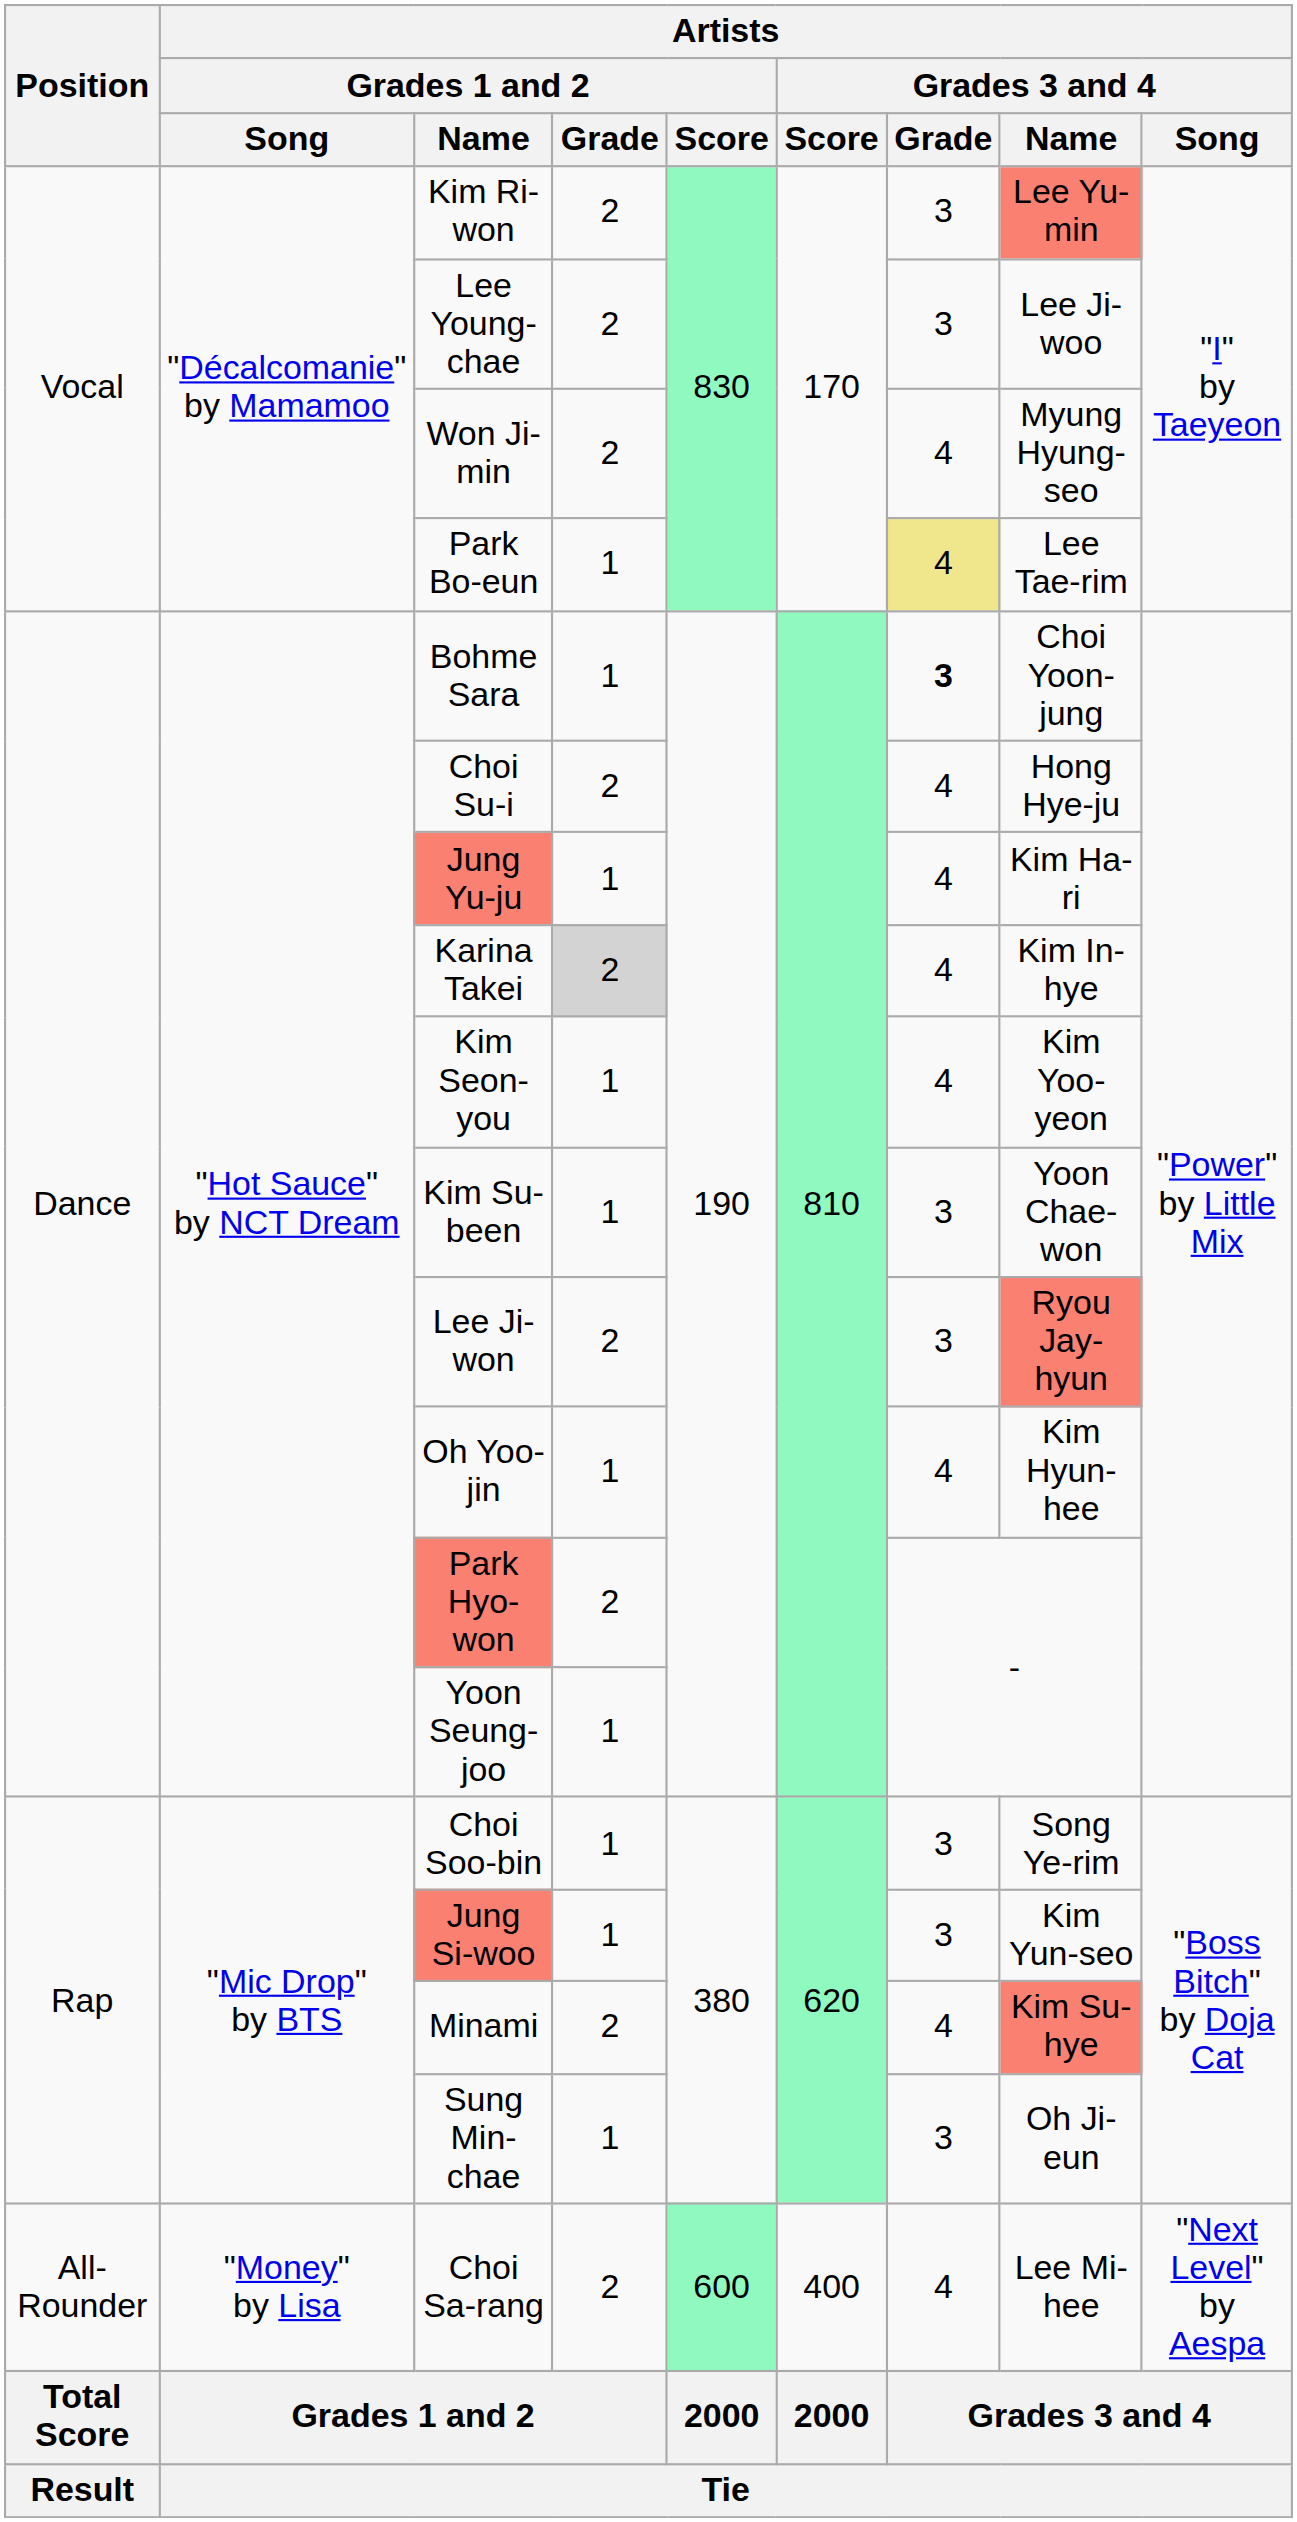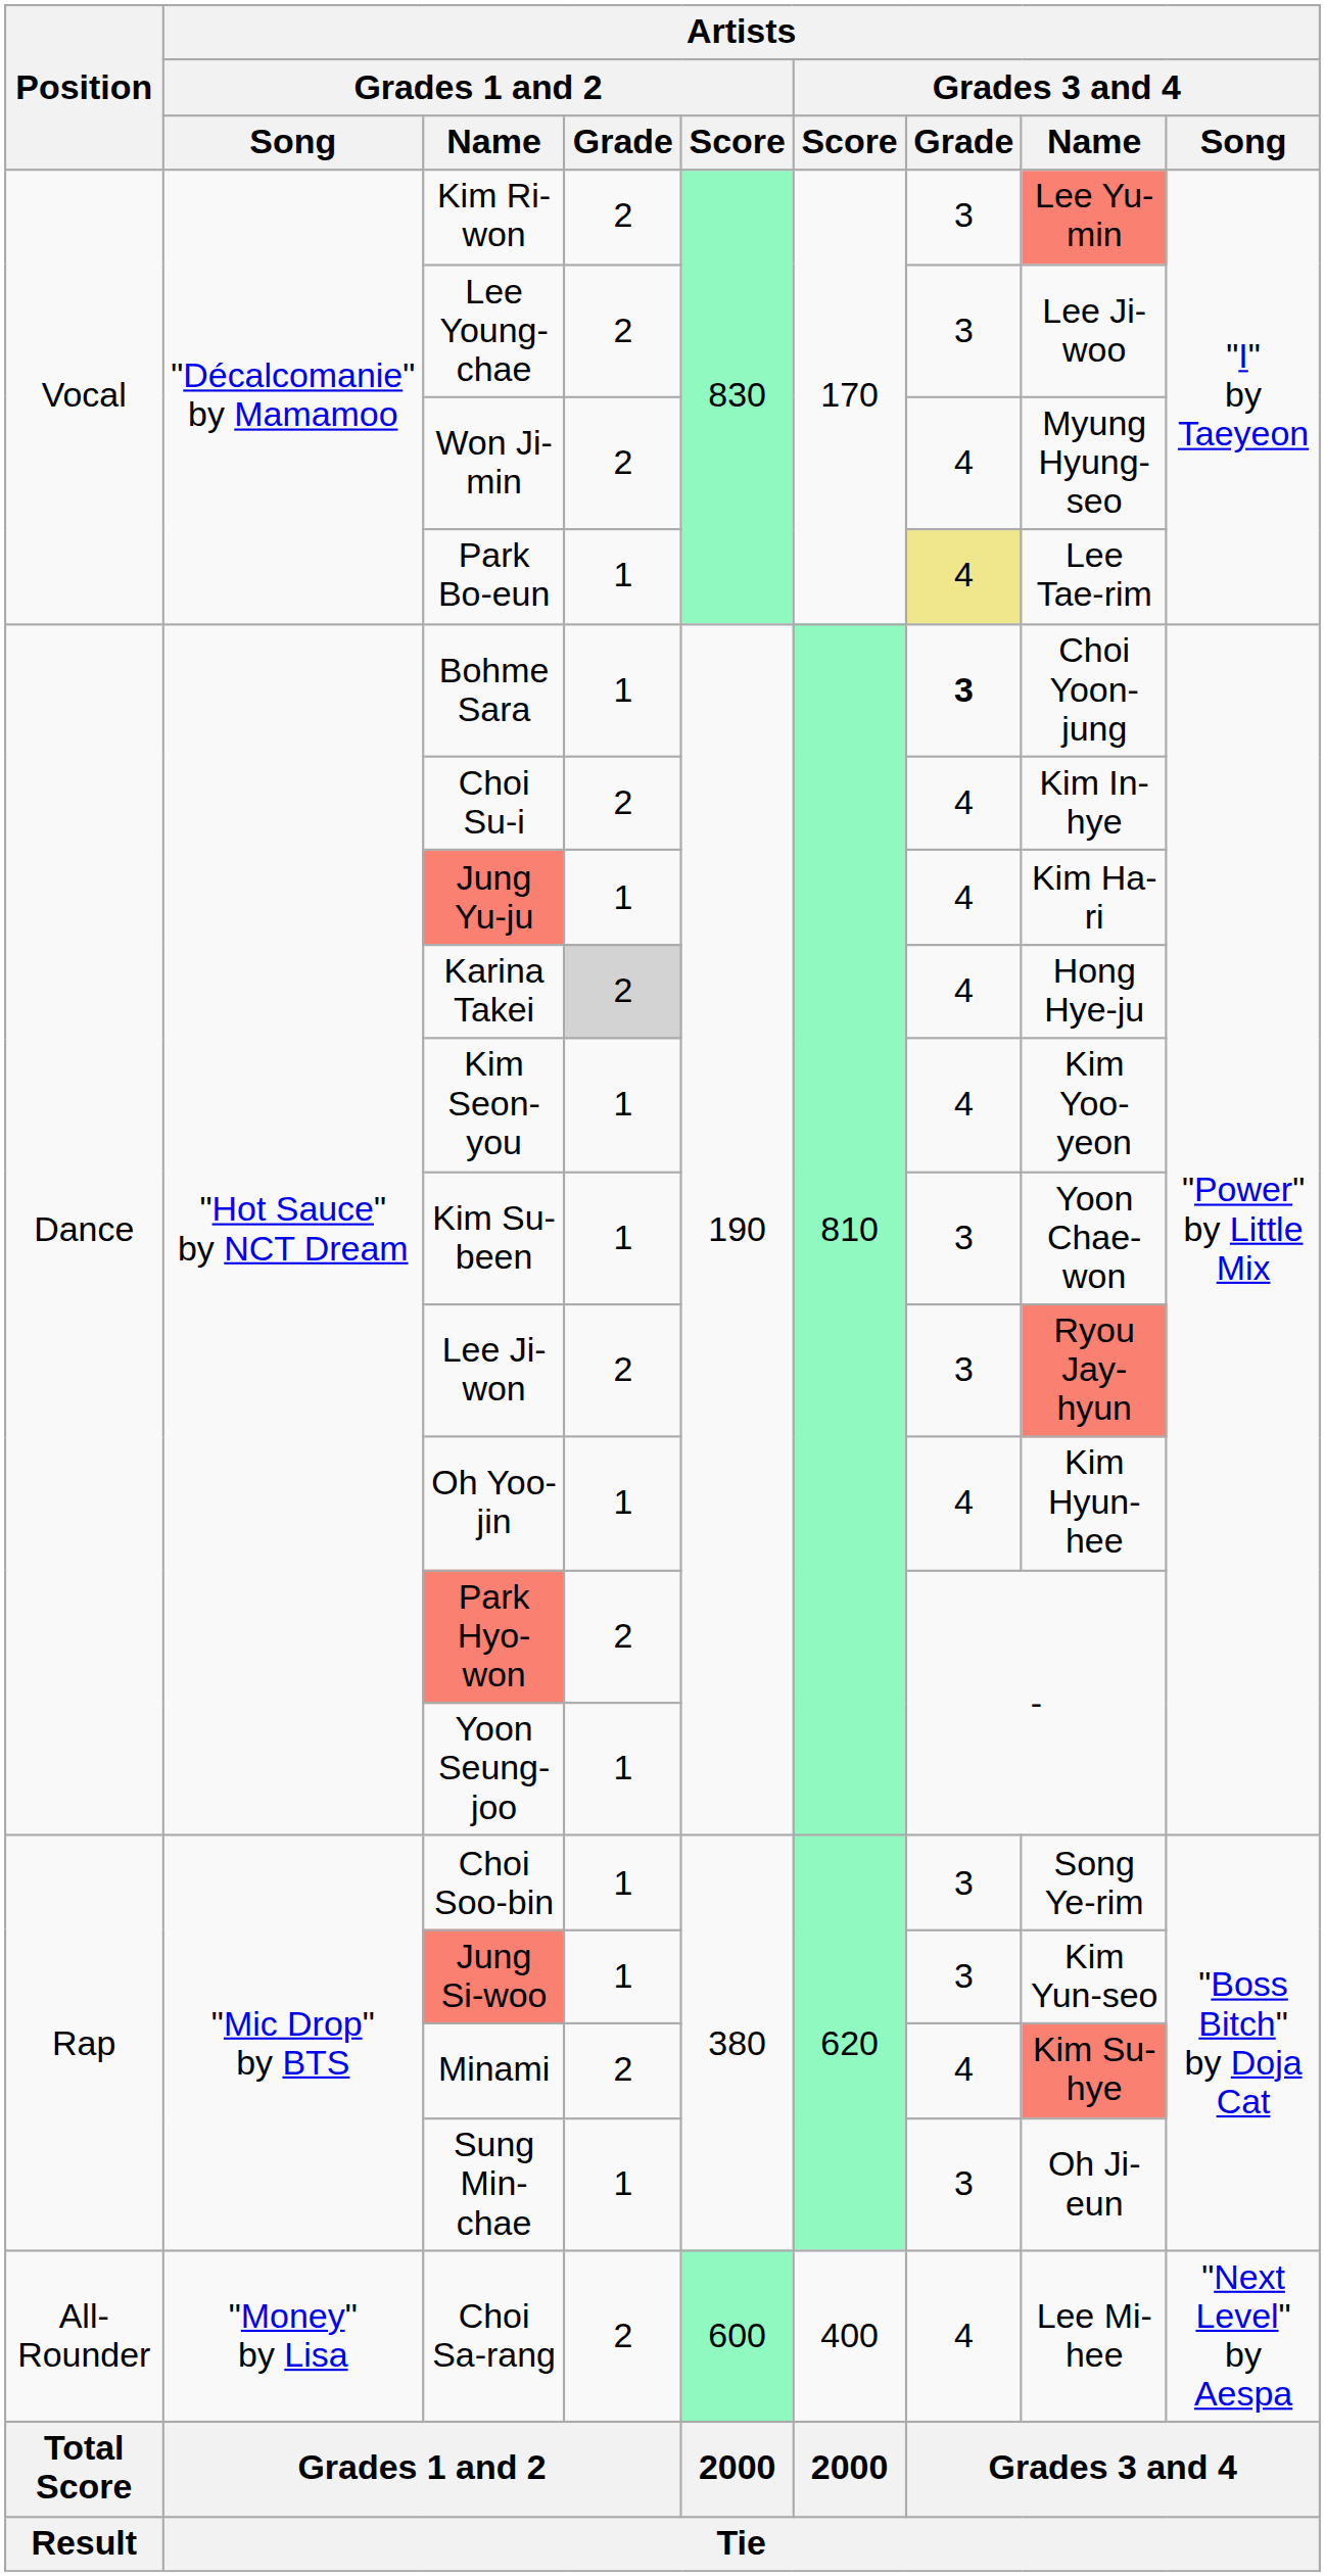 <table class="wikitable" style="text-align: center">
 <tr>
 <th rowspan="3">Position</th>
 <th colspan="8">Artists</th>
 </tr>
 <tr>
 <th colspan="4">Grades 1 and 2</th>
 <th colspan="4">Grades 3 and 4</th>
 </tr>
 <tr>
 <th>Song</th>
 <th>Name</th>
 <th>Grade</th>
 <th>Score</th>
 <th>Score</th>
 <th>Grade</th>
 <th>Name</th>
 <th>Song</th>
 </tr>
 <tr>
 <td rowspan="4">Vocal</td>
 <td rowspan="4">"<a href='#'>Décalcomanie</a>"<br>by <a href='#'>Mamamoo</a></td>
 <td>Kim Ri-won</td>
 <td>2</td>
 <td rowspan="4" style="background:#90F9C0;">830</td>
 <td rowspan="4">170</td>
 <td>3</td>
 <td style="background:salmon;">Lee Yu-min</td>
 <td rowspan="4">"<a href='#'>I</a>"<br>by <a href='#'>Taeyeon</a></td>
 </tr>
 <tr>
 <td>Lee Young-chae</td>
 <td>2</td>
 <td>3</td>
 <td>Lee Ji-woo</td>
 </tr>
 <tr>
 <td>Won Ji-min</td>
 <td>2</td>
 <td>4</td>
 <td>Myung Hyung-seo</td>
 </tr>
 <tr>
 <td>Park Bo-eun</td>
 <td>1</td>
 <td style="background: khaki;">4</td>
 <td>Lee Tae-rim</td>
 </tr>
 <tr>
 <td rowspan="10">Dance</td>
 <td rowspan="10">"<a href='#'>Hot Sauce</a>"<br>by <a href='#'>NCT Dream</a></td>
 <td>Bohme Sara</td>
 <td>1</td>
 <td rowspan="10">190</td>
 <td rowspan="10" style="background:#90F9C0;">810</td>
 <td><strong>3</strong></td>
 <td>Choi Yoon-jung</td>
 <td rowspan="10">"<a href='#'>Power</a>"<br>by <a href='#'>Little Mix</a></td>
 </tr>
 <tr>
 <td>Choi Su-i</td>
 <td>2</td>
 <td>4</td>
-<td>Hong Hye-ju</td>
+<td>Kim In-hye</td>
 </tr>
 <tr>
 <td style="background:salmon;">Jung Yu-ju</td>
 <td>1</td>
 <td>4</td>
 <td>Kim Ha-ri</td>
 </tr>
 <tr>
 <td>Karina Takei</td>
 <td style="background: lightgrey;">2</td>
 <td>4</td>
-<td>Kim In-hye</td>
+<td>Hong Hye-ju</td>
 </tr>
 <tr>
 <td>Kim Seon-you</td>
 <td>1</td>
 <td>4</td>
 <td>Kim Yoo-yeon</td>
 </tr>
 <tr>
 <td>Kim Su-been</td>
 <td>1</td>
 <td>3</td>
 <td>Yoon Chae-won</td>
 </tr>
 <tr>
 <td>Lee Ji-won</td>
 <td>2</td>
 <td>3</td>
 <td style="background:salmon;">Ryou Jay-hyun</td>
 </tr>
 <tr>
 <td>Oh Yoo-jin</td>
 <td>1</td>
 <td>4</td>
 <td>Kim Hyun-hee</td>
 </tr>
 <tr>
 <td style="background:salmon;">Park Hyo-won</td>
 <td>2</td>
 <td colspan="2" rowspan="2">-</td>
 </tr>
 <tr>
 <td>Yoon Seung-joo</td>
 <td>1</td>
 </tr>
 <tr>
 <td rowspan="4">Rap</td>
 <td rowspan="4">"<a href='#'>Mic Drop</a>"<br>by <a href='#'>BTS</a></td>
 <td>Choi Soo-bin</td>
 <td>1</td>
 <td rowspan="4">380</td>
 <td rowspan="4" style="background:#90F9C0;">620</td>
 <td>3</td>
 <td>Song Ye-rim</td>
 <td rowspan="4">"<a href='#'>Boss Bitch</a>"<br>by <a href='#'>Doja Cat</a></td>
 </tr>
 <tr>
 <td style="background:salmon;">Jung Si-woo</td>
 <td>1</td>
 <td>3</td>
 <td>Kim Yun-seo</td>
 </tr>
 <tr>
 <td>Minami</td>
 <td>2</td>
 <td>4</td>
 <td style="background:salmon;">Kim Su-hye</td>
 </tr>
 <tr>
 <td>Sung Min-chae</td>
 <td>1</td>
 <td>3</td>
 <td>Oh Ji-eun</td>
 </tr>
 <tr>
 <td>All-Rounder</td>
 <td>"<a href='#'>Money</a>"<br>by <a href='#'>Lisa</a></td>
 <td>Choi Sa-rang</td>
 <td>2</td>
 <td style="background:#90F9C0;">600</td>
 <td>400</td>
 <td>4</td>
 <td>Lee Mi-hee</td>
 <td>"<a href='#'>Next Level</a>"<br>by <a href='#'>Aespa</a></td>
 </tr>
 <tr>
 <th><strong>Total Score</strong></th>
 <th colspan="3">Grades 1 and 2</th>
 <th>2000</th>
 <th>2000</th>
 <th colspan="3">Grades 3 and 4</th>
 </tr>
 <tr>
 <th>Result</th>
 <th colspan="8">Tie</th>
 </tr>
 </table>
